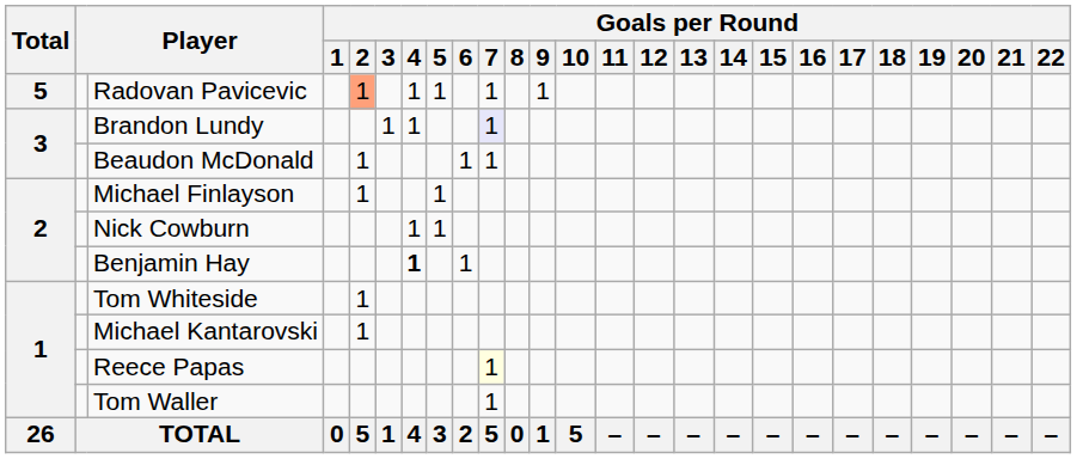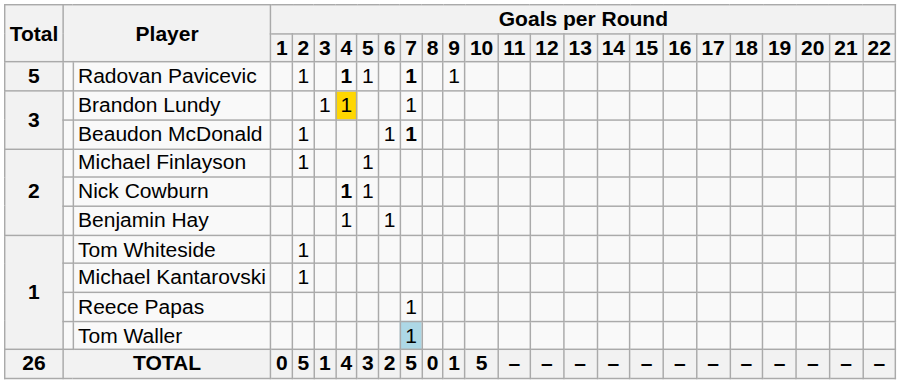 <table class="wikitable" style="text-align:center; line-height: 90%; font-size:90%;">
 <tr>
 <th rowspan=2>Total</th>
 <th rowspan=2 colspan=2>Player</th>
 <th colspan="22">Goals per Round</th>
 </tr>
 <tr>
 <th>1</th>
 <th>2</th>
 <th>3</th>
 <th>4</th>
 <th>5</th>
 <th>6</th>
 <th>7</th>
 <th>8</th>
 <th>9</th>
 <th>10</th>
 <th>11</th>
 <th>12</th>
 <th>13</th>
 <th>14</th>
 <th>15</th>
 <th>16</th>
 <th>17</th>
 <th>18</th>
 <th>19</th>
 <th>20</th>
 <th>21</th>
 <th>22</th>
 </tr>
 <tr>
 <th rowspan=1>5</th>
 <td></td>
 <td style="text-align:left;">Radovan Pavicevic</td>
 <td></td>
-<td style="background: lightsalmon;">1</td>
-<td></td>
-<td>1</td>
 <td>1</td>
 <td></td>
+<td><strong>1</strong></td>
 <td>1</td>
+<td></td>
+<td><strong>1</strong></td>
 <td></td>
 <td>1</td>
 <td></td>
 <td></td>
 <td></td>
 <td></td>
 <td></td>
 <td></td>
 <td></td>
 <td></td>
 <td></td>
 <td></td>
 <td></td>
 <td></td>
 <td></td>
 </tr>
 <tr>
 <th rowspan=2>3</th>
 <td></td>
 <td style="text-align:left;">Brandon Lundy</td>
 <td></td>
 <td></td>
 <td>1</td>
-<td>1</td>
+<td style="background: gold;">1</td>
 <td></td>
 <td></td>
-<td style="background: lavender;">1</td>
+<td>1</td>
 <td></td>
 <td></td>
 <td></td>
 <td></td>
 <td></td>
 <td></td>
 <td></td>
 <td></td>
 <td></td>
 <td></td>
 <td></td>
 <td></td>
 <td></td>
 <td></td>
 <td></td>
 </tr>
 <tr>
 <td></td>
 <td style="text-align:left;">Beaudon McDonald</td>
 <td></td>
 <td>1</td>
 <td></td>
 <td></td>
 <td></td>
 <td>1</td>
-<td>1</td>
+<td><strong>1</strong></td>
 <td></td>
 <td></td>
 <td></td>
 <td></td>
 <td></td>
 <td></td>
 <td></td>
 <td></td>
 <td></td>
 <td></td>
 <td></td>
 <td></td>
 <td></td>
 <td></td>
 <td></td>
 </tr>
 <tr>
 <th rowspan=3>2</th>
 <td></td>
 <td style="text-align:left;">Michael Finlayson</td>
 <td></td>
 <td>1</td>
 <td></td>
 <td></td>
 <td>1</td>
 <td></td>
 <td></td>
 <td></td>
 <td></td>
 <td></td>
 <td></td>
 <td></td>
 <td></td>
 <td></td>
 <td></td>
 <td></td>
 <td></td>
 <td></td>
 <td></td>
 <td></td>
 <td></td>
 <td></td>
 </tr>
 <tr>
 <td></td>
 <td style="text-align:left;">Nick Cowburn</td>
 <td></td>
 <td></td>
 <td></td>
-<td>1</td>
+<td><strong>1</strong></td>
 <td>1</td>
 <td></td>
 <td></td>
 <td></td>
 <td></td>
 <td></td>
 <td></td>
 <td></td>
 <td></td>
 <td></td>
 <td></td>
 <td></td>
 <td></td>
 <td></td>
 <td></td>
 <td></td>
 <td></td>
 <td></td>
 </tr>
 <tr>
 <td></td>
 <td style="text-align:left;">Benjamin Hay</td>
 <td></td>
 <td></td>
 <td></td>
-<td><strong>1</strong></td>
+<td>1</td>
 <td></td>
 <td>1</td>
 <td></td>
 <td></td>
 <td></td>
 <td></td>
 <td></td>
 <td></td>
 <td></td>
 <td></td>
 <td></td>
 <td></td>
 <td></td>
 <td></td>
 <td></td>
 <td></td>
 <td></td>
 <td></td>
 </tr>
 <tr>
 <th rowspan=4>1</th>
 <td></td>
 <td style="text-align:left;">Tom Whiteside</td>
 <td></td>
 <td>1</td>
 <td></td>
 <td></td>
 <td></td>
 <td></td>
 <td></td>
 <td></td>
 <td></td>
 <td></td>
 <td></td>
 <td></td>
 <td></td>
 <td></td>
 <td></td>
 <td></td>
 <td></td>
 <td></td>
 <td></td>
 <td></td>
 <td></td>
 <td></td>
 </tr>
 <tr>
 <td></td>
 <td style="text-align:left;">Michael Kantarovski</td>
 <td></td>
 <td>1</td>
 <td></td>
 <td></td>
 <td></td>
 <td></td>
 <td></td>
 <td></td>
 <td></td>
 <td></td>
 <td></td>
 <td></td>
 <td></td>
 <td></td>
 <td></td>
 <td></td>
 <td></td>
 <td></td>
 <td></td>
 <td></td>
 <td></td>
 <td></td>
 </tr>
 <tr>
 <td></td>
 <td style="text-align:left;">Reece Papas</td>
 <td></td>
 <td></td>
 <td></td>
 <td></td>
 <td></td>
 <td></td>
-<td style="background: lightyellow;">1</td>
+<td>1</td>
 <td></td>
 <td></td>
 <td></td>
 <td></td>
 <td></td>
 <td></td>
 <td></td>
 <td></td>
 <td></td>
 <td></td>
 <td></td>
 <td></td>
 <td></td>
 <td></td>
 <td></td>
 </tr>
 <tr>
 <td></td>
 <td style="text-align:left;">Tom Waller</td>
 <td></td>
 <td></td>
 <td></td>
 <td></td>
 <td></td>
 <td></td>
-<td>1</td>
+<td style="background: lightblue;">1</td>
 <td></td>
 <td></td>
 <td></td>
 <td></td>
 <td></td>
 <td></td>
 <td></td>
 <td></td>
 <td></td>
 <td></td>
 <td></td>
 <td></td>
 <td></td>
 <td></td>
 <td></td>
 </tr>
 <tr>
 <th rowspan=1>26</th>
 <th colspan=2>TOTAL</th>
 <th style="text-align:center;">0</th>
 <th>5</th>
 <th>1</th>
 <th>4</th>
 <th>3</th>
 <th>2</th>
 <th>5</th>
 <th>0</th>
 <th>1</th>
 <th>5</th>
 <th>–</th>
 <th>–</th>
 <th>–</th>
 <th>–</th>
 <th>–</th>
 <th>–</th>
 <th>–</th>
 <th>–</th>
 <th>–</th>
 <th>–</th>
 <th>–</th>
 <th>–</th>
 </tr>
 </table>
